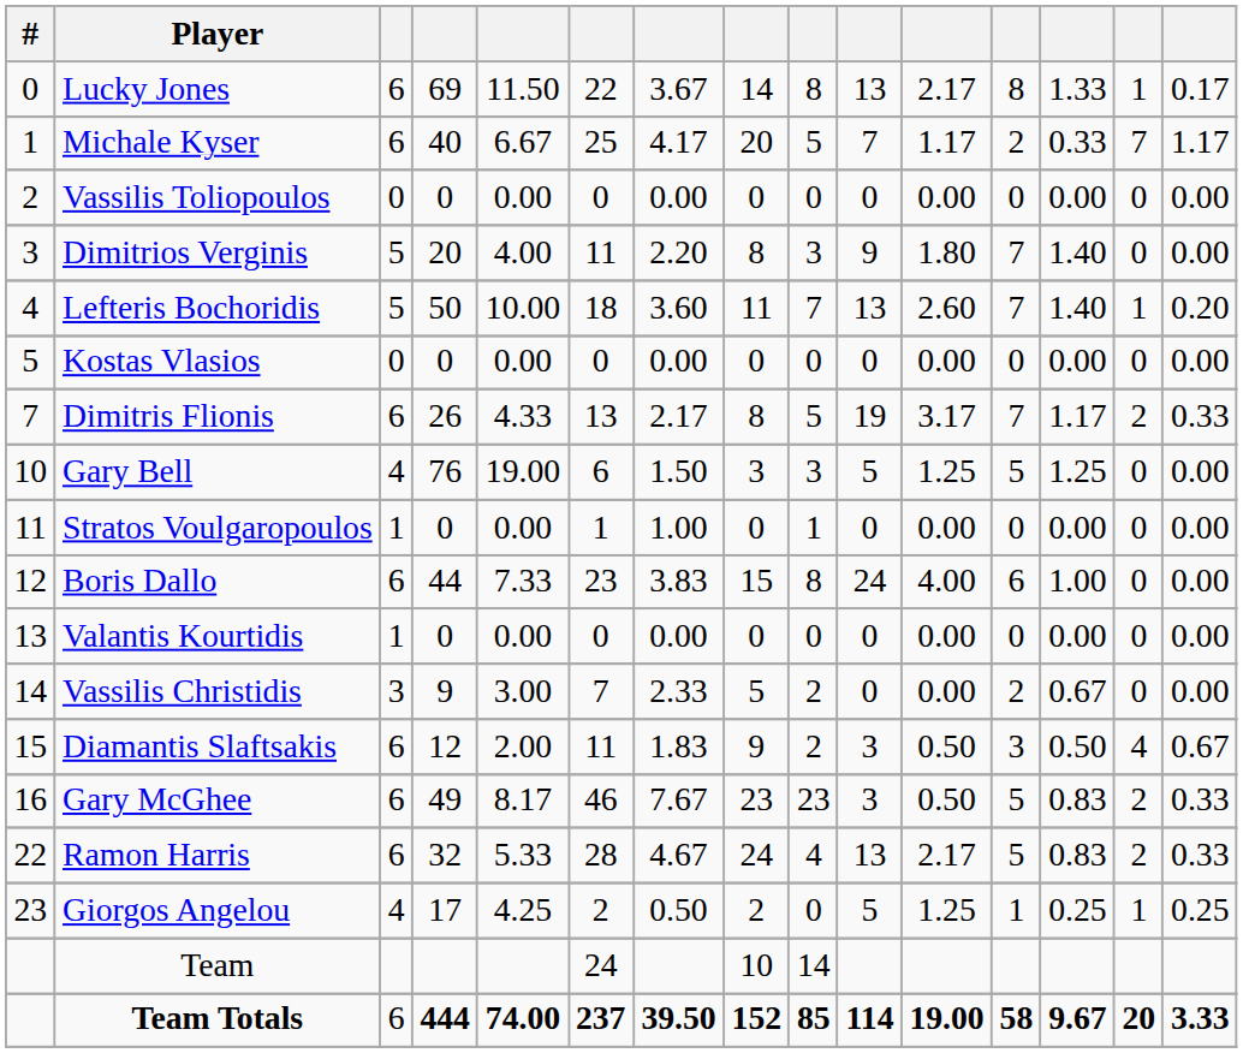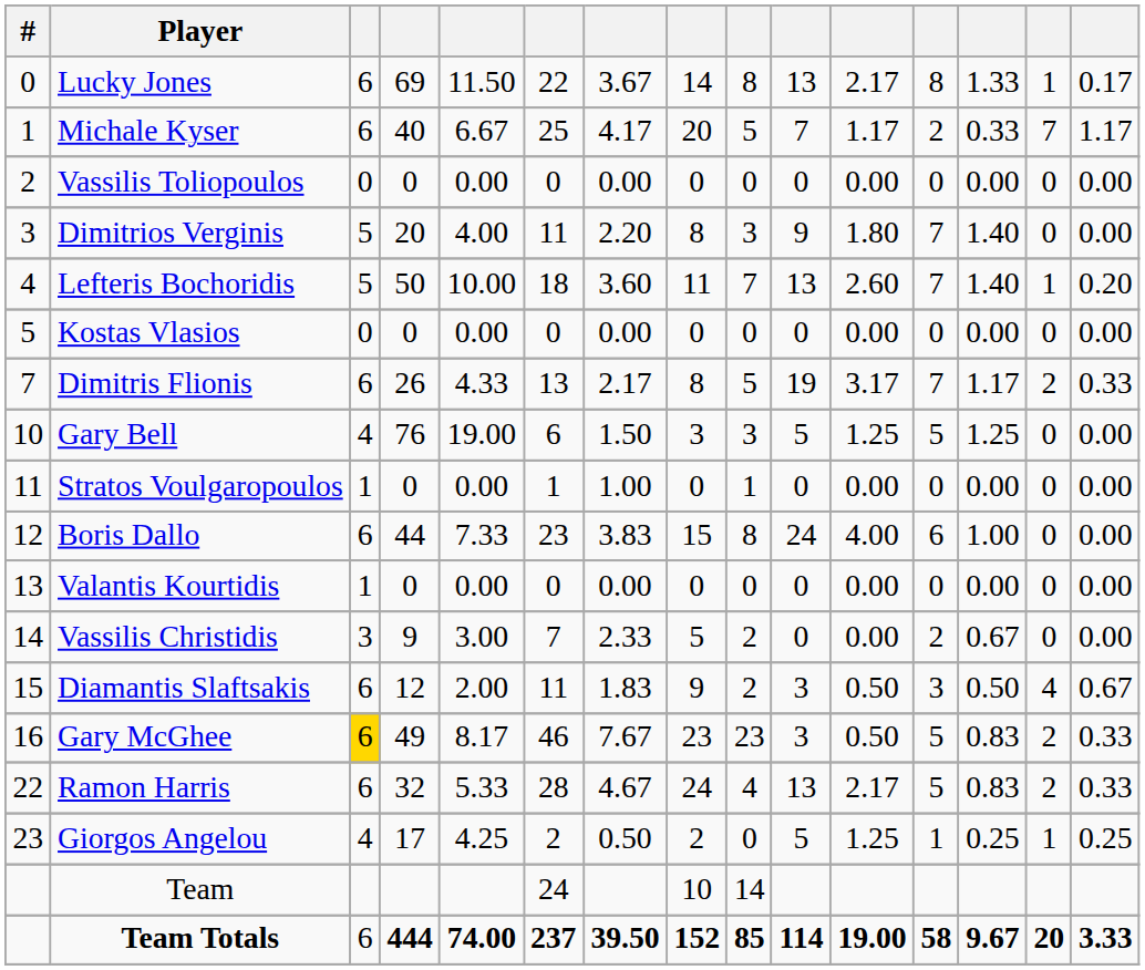 <table class="wikitable sortable" style="font-size:90%; text-align:center;">
 <tr>
 <th>#</th>
 <th>Player</th>
 <th></th>
 <th></th>
 <th></th>
 <th></th>
 <th></th>
 <th></th>
 <th></th>
 <th></th>
 <th></th>
 <th></th>
 <th></th>
 <th></th>
 <th></th>
 </tr>
 <tr>
 <td>0</td>
 <td align="left"> <a href='#'>Lucky Jones</a></td>
 <td>6</td>
 <td>69</td>
 <td>11.50</td>
 <td>22</td>
 <td>3.67</td>
 <td>14</td>
 <td>8</td>
 <td>13</td>
 <td>2.17</td>
 <td>8</td>
 <td>1.33</td>
 <td>1</td>
 <td>0.17</td>
 </tr>
 <tr>
 </tr>
 <tr>
 <td>1</td>
 <td align="left"> <a href='#'>Michale Kyser</a></td>
 <td>6</td>
 <td>40</td>
 <td>6.67</td>
 <td>25</td>
 <td>4.17</td>
 <td>20</td>
 <td>5</td>
 <td>7</td>
 <td>1.17</td>
 <td>2</td>
 <td>0.33</td>
 <td>7</td>
 <td>1.17</td>
 </tr>
 <tr>
 </tr>
 <tr>
 <td>2</td>
 <td align="left"> <a href='#'>Vassilis Toliopoulos</a></td>
 <td>0</td>
 <td>0</td>
 <td>0.00</td>
 <td>0</td>
 <td>0.00</td>
 <td>0</td>
 <td>0</td>
 <td>0</td>
 <td>0.00</td>
 <td>0</td>
 <td>0.00</td>
 <td>0</td>
 <td>0.00</td>
 </tr>
 <tr>
 </tr>
 <tr>
 <td>3</td>
 <td align="left"> <a href='#'>Dimitrios Verginis</a></td>
 <td>5</td>
 <td>20</td>
 <td>4.00</td>
 <td>11</td>
 <td>2.20</td>
 <td>8</td>
 <td>3</td>
 <td>9</td>
 <td>1.80</td>
 <td>7</td>
 <td>1.40</td>
 <td>0</td>
 <td>0.00</td>
 </tr>
 <tr>
 </tr>
 <tr>
 <td>4</td>
 <td align="left"> <a href='#'>Lefteris Bochoridis</a></td>
 <td>5</td>
 <td>50</td>
 <td>10.00</td>
 <td>18</td>
 <td>3.60</td>
 <td>11</td>
 <td>7</td>
 <td>13</td>
 <td>2.60</td>
 <td>7</td>
 <td>1.40</td>
 <td>1</td>
 <td>0.20</td>
 </tr>
 <tr>
 </tr>
 <tr>
 <td>5</td>
 <td align="left"> <a href='#'>Kostas Vlasios</a></td>
 <td>0</td>
 <td>0</td>
 <td>0.00</td>
 <td>0</td>
 <td>0.00</td>
 <td>0</td>
 <td>0</td>
 <td>0</td>
 <td>0.00</td>
 <td>0</td>
 <td>0.00</td>
 <td>0</td>
 <td>0.00</td>
 </tr>
 <tr>
 </tr>
 <tr>
 <td>7</td>
 <td align="left"> <a href='#'>Dimitris Flionis</a></td>
 <td>6</td>
 <td>26</td>
 <td>4.33</td>
 <td>13</td>
 <td>2.17</td>
 <td>8</td>
 <td>5</td>
 <td>19</td>
 <td>3.17</td>
 <td>7</td>
 <td>1.17</td>
 <td>2</td>
 <td>0.33</td>
 </tr>
 <tr>
 </tr>
 <tr>
 <td>10</td>
 <td align="left"> <a href='#'>Gary Bell</a></td>
 <td>4</td>
 <td>76</td>
 <td>19.00</td>
 <td>6</td>
 <td>1.50</td>
 <td>3</td>
 <td>3</td>
 <td>5</td>
 <td>1.25</td>
 <td>5</td>
 <td>1.25</td>
 <td>0</td>
 <td>0.00</td>
 </tr>
 <tr>
 </tr>
 <tr>
 <td>11</td>
 <td align="left"> <a href='#'>Stratos Voulgaropoulos</a></td>
 <td>1</td>
 <td>0</td>
 <td>0.00</td>
 <td>1</td>
 <td>1.00</td>
 <td>0</td>
 <td>1</td>
 <td>0</td>
 <td>0.00</td>
 <td>0</td>
 <td>0.00</td>
 <td>0</td>
 <td>0.00</td>
 </tr>
 <tr>
 </tr>
 <tr>
 <td>12</td>
 <td align="left"> <a href='#'>Boris Dallo</a></td>
 <td>6</td>
 <td>44</td>
 <td>7.33</td>
 <td>23</td>
 <td>3.83</td>
 <td>15</td>
 <td>8</td>
 <td>24</td>
 <td>4.00</td>
 <td>6</td>
 <td>1.00</td>
 <td>0</td>
 <td>0.00</td>
 </tr>
 <tr>
 </tr>
 <tr>
 <td>13</td>
 <td align="left"> <a href='#'>Valantis Kourtidis</a></td>
 <td>1</td>
 <td>0</td>
 <td>0.00</td>
 <td>0</td>
 <td>0.00</td>
 <td>0</td>
 <td>0</td>
 <td>0</td>
 <td>0.00</td>
 <td>0</td>
 <td>0.00</td>
 <td>0</td>
 <td>0.00</td>
 </tr>
 <tr>
 </tr>
 <tr>
 <td>14</td>
 <td align="left"> <a href='#'>Vassilis Christidis</a></td>
 <td>3</td>
 <td>9</td>
 <td>3.00</td>
 <td>7</td>
 <td>2.33</td>
 <td>5</td>
 <td>2</td>
 <td>0</td>
 <td>0.00</td>
 <td>2</td>
 <td>0.67</td>
 <td>0</td>
 <td>0.00</td>
 </tr>
 <tr>
 </tr>
 <tr>
 <td>15</td>
 <td align="left"> <a href='#'>Diamantis Slaftsakis</a></td>
 <td>6</td>
 <td>12</td>
 <td>2.00</td>
 <td>11</td>
 <td>1.83</td>
 <td>9</td>
 <td>2</td>
 <td>3</td>
 <td>0.50</td>
 <td>3</td>
 <td>0.50</td>
 <td>4</td>
 <td>0.67</td>
 </tr>
 <tr>
 </tr>
 <tr>
 <td>16</td>
 <td align="left"> <a href='#'>Gary McGhee</a></td>
-<td>6</td>
+<td style="background: gold;">6</td>
 <td>49</td>
 <td>8.17</td>
 <td>46</td>
 <td>7.67</td>
 <td>23</td>
 <td>23</td>
 <td>3</td>
 <td>0.50</td>
 <td>5</td>
 <td>0.83</td>
 <td>2</td>
 <td>0.33</td>
 </tr>
 <tr>
 </tr>
 <tr>
 <td>22</td>
 <td align="left"> <a href='#'>Ramon Harris</a></td>
 <td>6</td>
 <td>32</td>
 <td>5.33</td>
 <td>28</td>
 <td>4.67</td>
 <td>24</td>
 <td>4</td>
 <td>13</td>
 <td>2.17</td>
 <td>5</td>
 <td>0.83</td>
 <td>2</td>
 <td>0.33</td>
 </tr>
 <tr>
 </tr>
 <tr>
 <td>23</td>
 <td align="left"> <a href='#'>Giorgos Angelou</a></td>
 <td>4</td>
 <td>17</td>
 <td>4.25</td>
 <td>2</td>
 <td>0.50</td>
 <td>2</td>
 <td>0</td>
 <td>5</td>
 <td>1.25</td>
 <td>1</td>
 <td>0.25</td>
 <td>1</td>
 <td>0.25</td>
 </tr>
 <tr>
 </tr>
 <tr>
 <td></td>
 <td>Team</td>
 <td></td>
 <td></td>
 <td></td>
 <td>24</td>
 <td></td>
 <td>10</td>
 <td>14</td>
 <td></td>
 <td></td>
 <td></td>
 <td></td>
 <td></td>
 <td></td>
 </tr>
 <tr>
 </tr>
 <tr>
 <td></td>
 <td><strong>Team Totals</strong></td>
 <td>6</td>
 <td><strong>444</strong></td>
 <td><strong>74.00</strong></td>
 <td><strong>237</strong></td>
 <td><strong>39.50</strong></td>
 <td><strong>152</strong></td>
 <td><strong>85</strong></td>
 <td><strong>114</strong></td>
 <td><strong>19.00</strong></td>
 <td><strong>58</strong></td>
 <td><strong>9.67</strong></td>
 <td><strong>20</strong></td>
 <td><strong>3.33</strong></td>
 </tr>
 <tr>
 </tr>
 </table>
